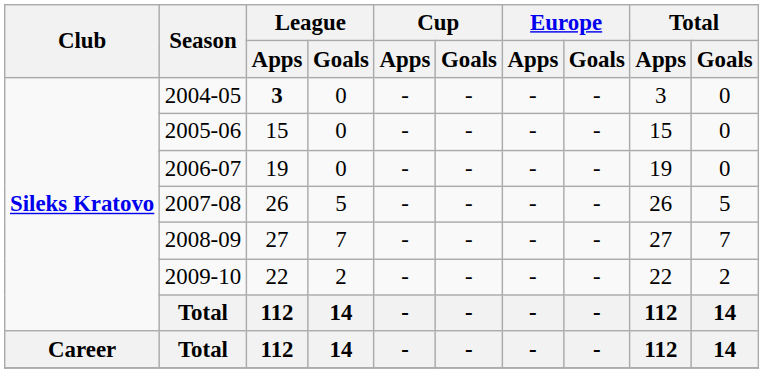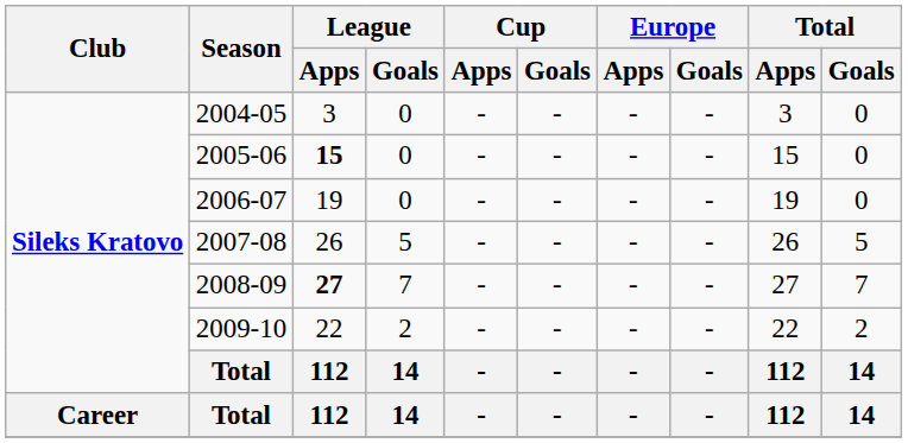 <table class="wikitable sortable" style="text-align: center;">
 <tr>
 <th rowspan="2">Club</th>
 <th rowspan="2">Season</th>
 <th colspan="2">League</th>
 <th colspan="2">Cup</th>
 <th colspan="2"><a href='#'>Europe</a></th>
 <th colspan="2">Total</th>
 </tr>
 <tr>
 <th>Apps</th>
 <th>Goals</th>
 <th>Apps</th>
 <th>Goals</th>
 <th>Apps</th>
 <th>Goals</th>
 <th>Apps</th>
 <th>Goals</th>
 </tr>
 <tr>
 <td rowspan="7"><strong><a href='#'>Sileks Kratovo</a></strong></td>
 <td>2004-05</td>
-<td><strong>3</strong></td>
+<td>3</td>
 <td>0</td>
 <td>-</td>
 <td>-</td>
 <td>-</td>
 <td>-</td>
 <td>3</td>
 <td>0</td>
 </tr>
 <tr>
 <td>2005-06</td>
-<td>15</td>
+<td><strong>15</strong></td>
 <td>0</td>
 <td>-</td>
 <td>-</td>
 <td>-</td>
 <td>-</td>
 <td>15</td>
 <td>0</td>
 </tr>
 <tr>
 <td>2006-07</td>
 <td>19</td>
 <td>0</td>
 <td>-</td>
 <td>-</td>
 <td>-</td>
 <td>-</td>
 <td>19</td>
 <td>0</td>
 </tr>
 <tr>
 <td>2007-08</td>
 <td>26</td>
 <td>5</td>
 <td>-</td>
 <td>-</td>
 <td>-</td>
 <td>-</td>
 <td>26</td>
 <td>5</td>
 </tr>
 <tr>
 <td>2008-09</td>
-<td>27</td>
+<td><strong>27</strong></td>
 <td>7</td>
 <td>-</td>
 <td>-</td>
 <td>-</td>
 <td>-</td>
 <td>27</td>
 <td>7</td>
 </tr>
 <tr>
 <td>2009-10</td>
 <td>22</td>
 <td>2</td>
 <td>-</td>
 <td>-</td>
 <td>-</td>
 <td>-</td>
 <td>22</td>
 <td>2</td>
 </tr>
 <tr>
 <th>Total</th>
 <th>112</th>
 <th>14</th>
 <th>-</th>
 <th>-</th>
 <th>-</th>
 <th>-</th>
 <th>112</th>
 <th>14</th>
 </tr>
 <tr>
 <th>Career</th>
 <th>Total</th>
 <th>112</th>
 <th>14</th>
 <th>-</th>
 <th>-</th>
 <th>-</th>
 <th>-</th>
 <th>112</th>
 <th>14</th>
 </tr>
 <tr>
 </tr>
 </table>
